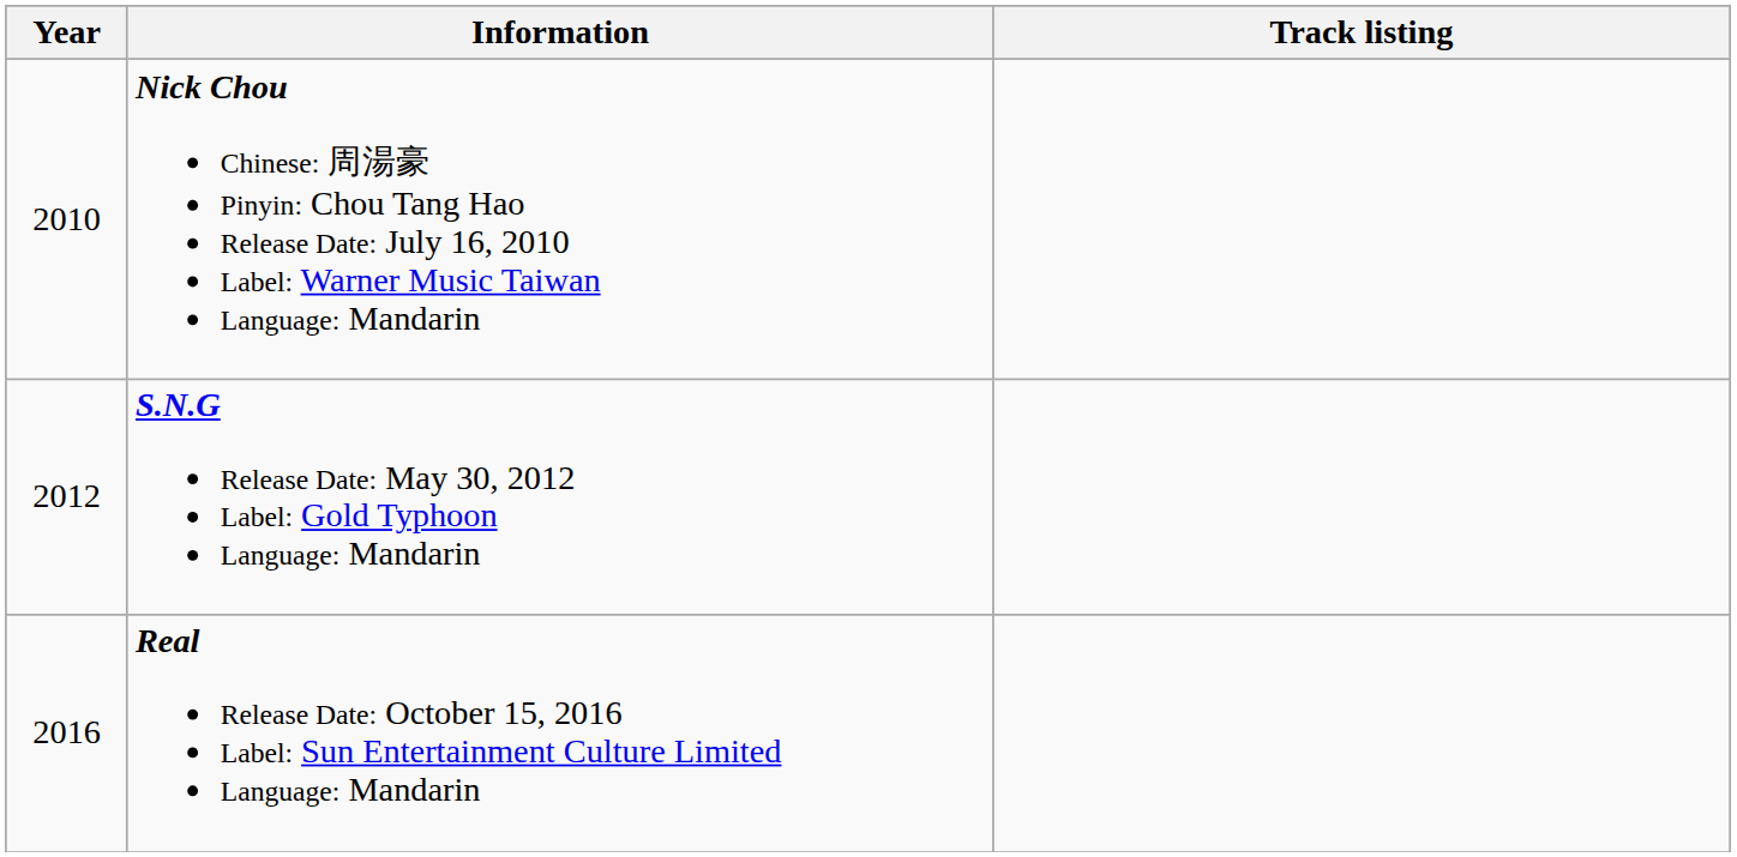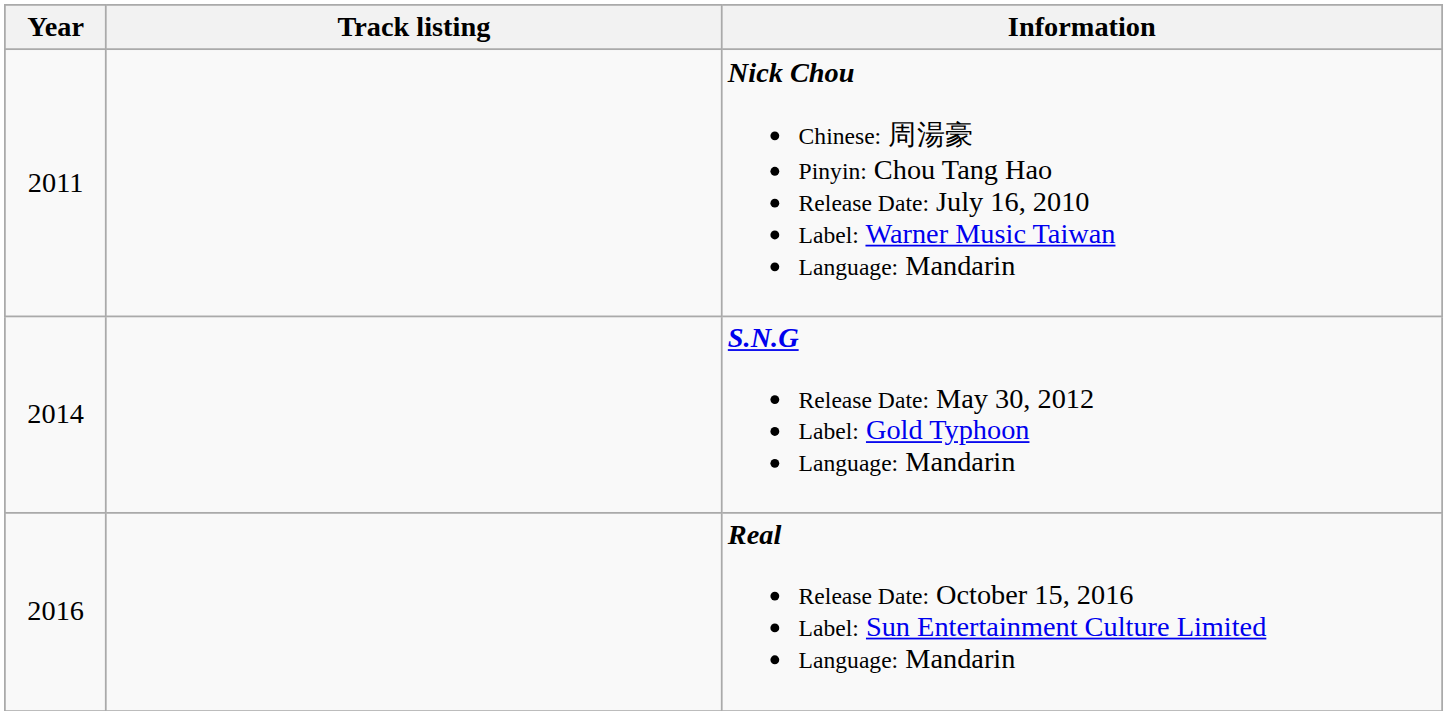 <table class="wikitable">
 <tr>
 <th style="width:50px;">Year</th>
+<th style="width:340px;">Track listing</th>
 <th style="width:400px;">Information</th>
-<th style="width:340px;">Track listing</th>
 </tr>
 <tr>
-<td style="text-align:center">2010</td>
+<td style="text-align:center">2011</td>
+<td style="font-size: 85%;"></td>
 <td><strong><em>Nick Chou</em></strong><br><ul><li><small>Chinese:</small> 周湯豪</li><li><small>Pinyin:</small> Chou Tang Hao</li><li><small>Release Date:</small> July 16, 2010</li><li><small>Label:</small> <a href='#'>Warner Music Taiwan</a></li><li><small>Language:</small> Mandarin</li></ul></td>
-<td style="font-size: 85%;"></td>
 </tr>
 <tr>
-<td style="text-align:center">2012</td>
+<td style="text-align:center">2014</td>
+<td style="font-size: 85%;"></td>
 <td><strong><em><a href='#'>S.N.G</a></em></strong><br><ul><li><small>Release Date:</small> May 30, 2012</li><li><small>Label:</small> <a href='#'>Gold Typhoon</a></li><li><small>Language:</small> Mandarin</li></ul></td>
-<td style="font-size: 85%;"></td>
 </tr>
 <tr>
 <td style="text-align:center">2016</td>
+<td style="font-size: 85%;"></td>
 <td><strong><em>Real</em></strong><br><ul><li><small>Release Date:</small> October 15, 2016</li><li><small>Label:</small> <a href='#'>Sun Entertainment Culture Limited</a></li><li><small>Language:</small> Mandarin</li></ul></td>
-<td style="font-size: 85%;"></td>
 </tr>
 </table>
